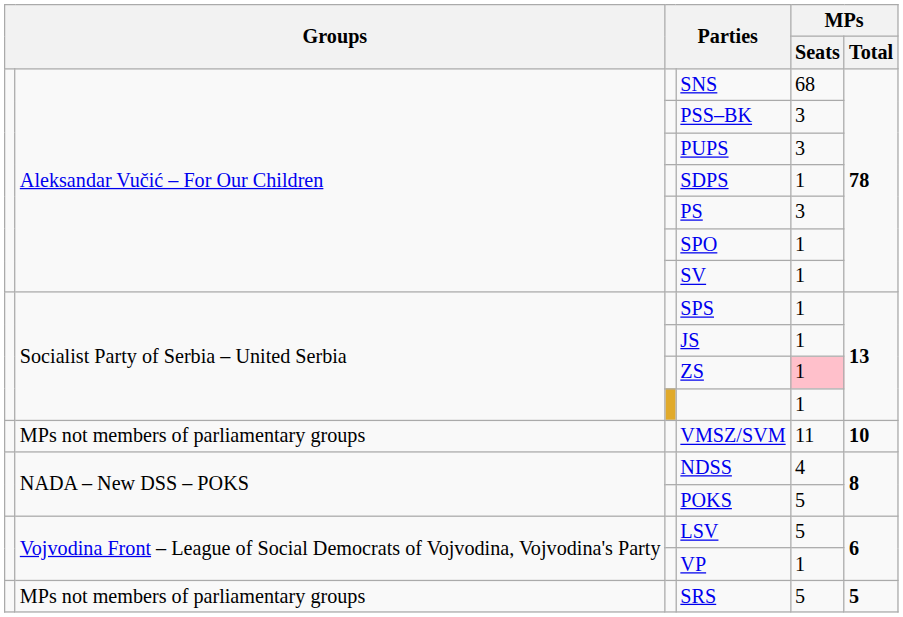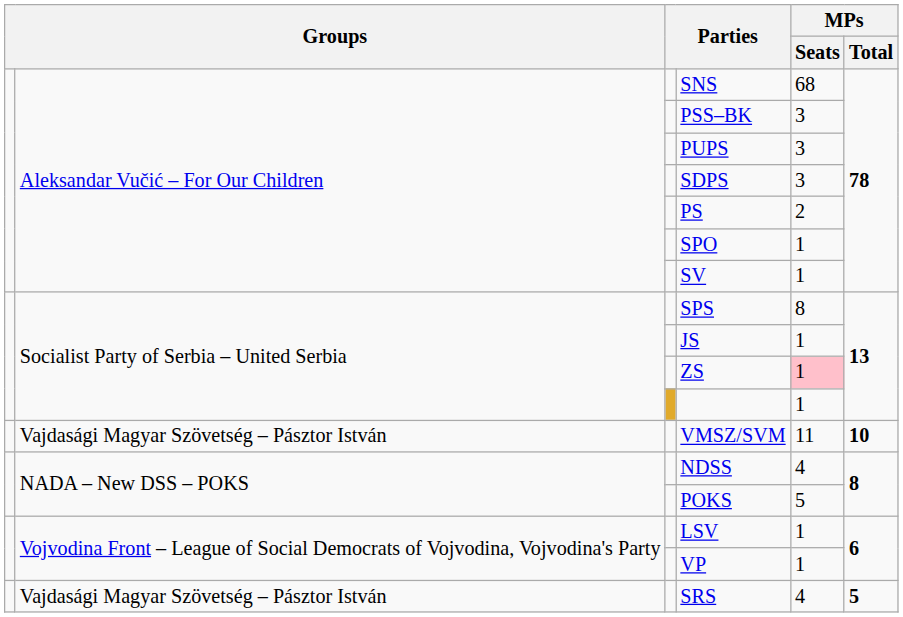 <table class="wikitable" style="text-align:left">
 <tr>
 <th rowspan="2" colspan="2">Groups</th>
 <th rowspan="2" colspan="2">Parties</th>
 <th colspan="2">MPs</th>
 </tr>
 <tr>
 <th>Seats</th>
 <th>Total</th>
 </tr>
 <tr>
 <td width="1" rowspan="7"></td>
 <td rowspan="7"><a href='#'>Aleksandar Vučić – For Our Children</a></td>
 <td width="1"></td>
 <td><a href='#'>SNS</a></td>
 <td>68</td>
 <td rowspan="7"><strong>78</strong></td>
 </tr>
 <tr>
 <td></td>
 <td><a href='#'>PSS–BK</a></td>
 <td>3</td>
 </tr>
 <tr>
 <td></td>
 <td><a href='#'>PUPS</a></td>
 <td>3</td>
 </tr>
 <tr>
 <td></td>
 <td><a href='#'>SDPS</a></td>
-<td>1</td>
+<td>3</td>
 </tr>
 <tr>
 <td></td>
 <td><a href='#'>PS</a></td>
-<td>3</td>
+<td>2</td>
 </tr>
 <tr>
 <td></td>
 <td><a href='#'>SPO</a></td>
 <td>1</td>
 </tr>
 <tr>
 <td></td>
 <td><a href='#'>SV</a></td>
 <td>1</td>
 </tr>
 <tr>
 <td width="1" rowspan="4"></td>
 <td rowspan="4">Socialist Party of Serbia – United Serbia</td>
 <td width="1"></td>
 <td><a href='#'>SPS</a></td>
-<td>1</td>
+<td>8</td>
 <td rowspan="4"><strong>13</strong></td>
 </tr>
 <tr>
 <td></td>
 <td><a href='#'>JS</a></td>
 <td>1</td>
 </tr>
 <tr>
 <td></td>
 <td><a href='#'>ZS</a></td>
 <td style="background: pink;">1</td>
 </tr>
 <tr>
 <td bgcolor="#E1AA2B"></td>
 <td></td>
 <td>1</td>
 </tr>
 <tr>
 <td></td>
-<td rowspan="1">MPs not members of parliamentary groups</td>
+<td>Vajdasági Magyar Szövetség – Pásztor István</td>
 <td></td>
 <td><a href='#'>VMSZ/SVM</a></td>
 <td>11</td>
 <td><strong>10</strong></td>
 </tr>
 <tr>
 <td width="1" rowspan="2"></td>
 <td rowspan="2">NADA – New DSS – POKS</td>
 <td width="1"></td>
 <td><a href='#'>NDSS</a></td>
 <td>4</td>
 <td rowspan="2"><strong>8</strong></td>
 </tr>
 <tr>
 <td></td>
 <td><a href='#'>POKS</a></td>
 <td>5</td>
 </tr>
 <tr>
 <td width="1" rowspan="2"></td>
 <td rowspan="2"><a href='#'>Vojvodina Front</a> – League of Social Democrats of Vojvodina, Vojvodina's Party</td>
 <td width="1"></td>
 <td><a href='#'>LSV</a></td>
-<td>5</td>
+<td>1</td>
 <td rowspan="2"><strong>6</strong></td>
 </tr>
 <tr>
 <td></td>
 <td><a href='#'>VP</a></td>
 <td>1</td>
 </tr>
 <tr>
 <td width="1" rowspan="1"></td>
-<td rowspan="1">MPs not members of parliamentary groups</td>
+<td>Vajdasági Magyar Szövetség – Pásztor István</td>
 <td width="1"></td>
 <td><a href='#'>SRS</a></td>
-<td>5</td>
+<td>4</td>
 <td rowspan="1"><strong>5</strong></td>
 </tr>
 </table>
